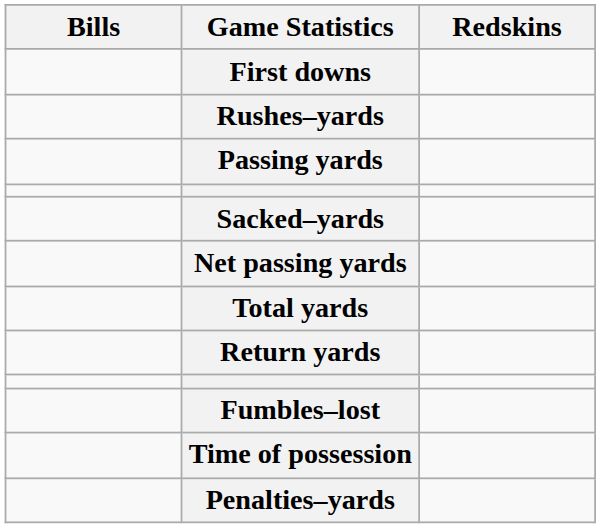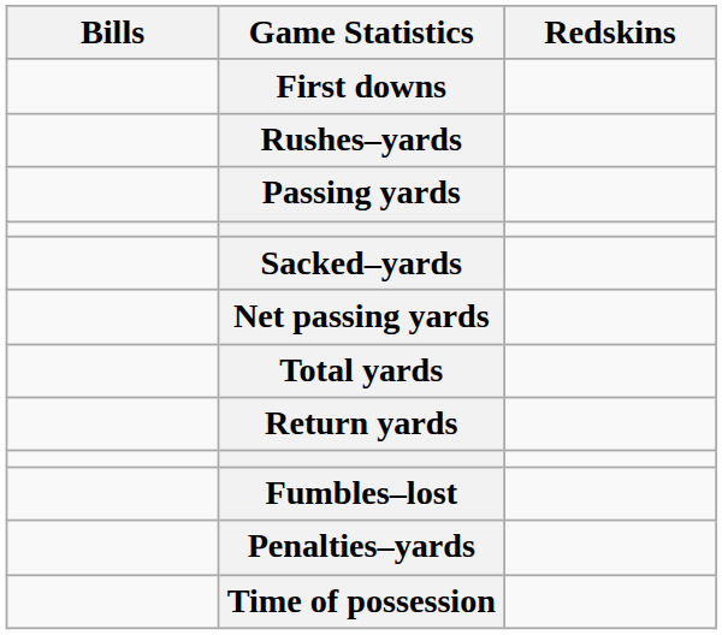 <table class="wikitable" style="margin: 1em auto 1em auto">
 <tr>
 <th style="width:30%;">Bills</th>
 <th style="width:40%;">Game Statistics</th>
 <th style="width:30%;">Redskins</th>
 </tr>
 <tr>
 <td style="text-align:right;"></td>
 <th>First downs</th>
 <td></td>
 </tr>
 <tr>
 <td style="text-align:right;"></td>
 <th>Rushes–yards</th>
 <td></td>
 </tr>
 <tr>
 <td style="text-align:right;"></td>
 <th>Passing yards</th>
 <td></td>
 </tr>
 <tr>
 <td style="text-align:right;"></td>
 <th></th>
 <td></td>
 </tr>
 <tr>
 <td style="text-align:right;"></td>
 <th>Sacked–yards</th>
 <td></td>
 </tr>
 <tr>
 <td style="text-align:right;"></td>
 <th>Net passing yards</th>
 <td></td>
 </tr>
 <tr>
 <td style="text-align:right;"></td>
 <th>Total yards</th>
 <td></td>
 </tr>
 <tr>
 <td style="text-align:right;"></td>
 <th>Return yards</th>
 <td></td>
 </tr>
 <tr>
 <td style="text-align:right;"></td>
 <th></th>
 <td></td>
 </tr>
 <tr>
 <td style="text-align:right;"></td>
 <th>Fumbles–lost</th>
 <td></td>
 </tr>
 <tr>
 <td style="text-align:right;"></td>
-<th>Time of possession</th>
+<th>Penalties–yards</th>
 <td></td>
 </tr>
 <tr>
 <td style="text-align:right;"></td>
-<th>Penalties–yards</th>
+<th>Time of possession</th>
 <td></td>
 </tr>
 </table>
